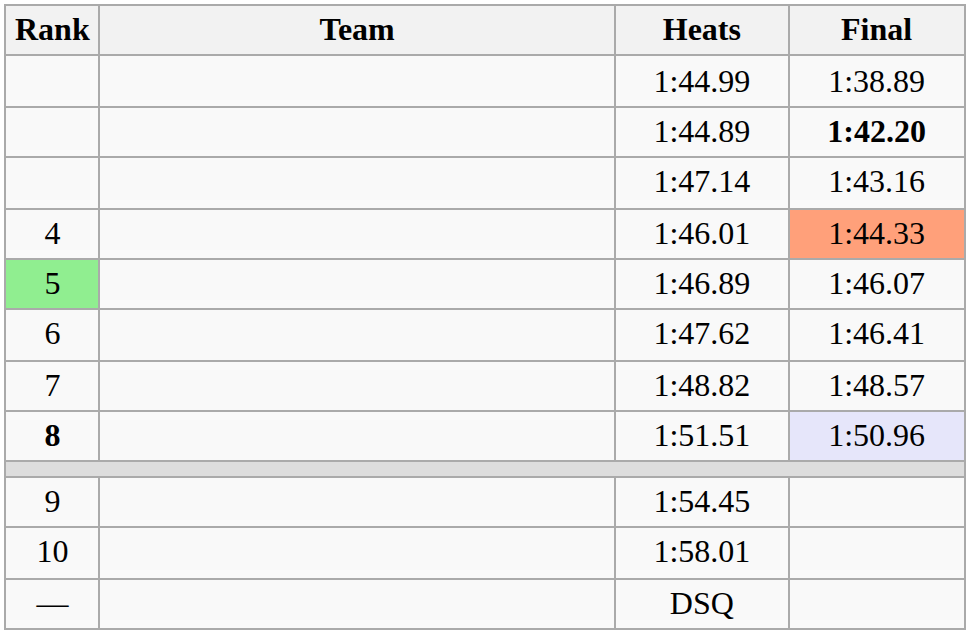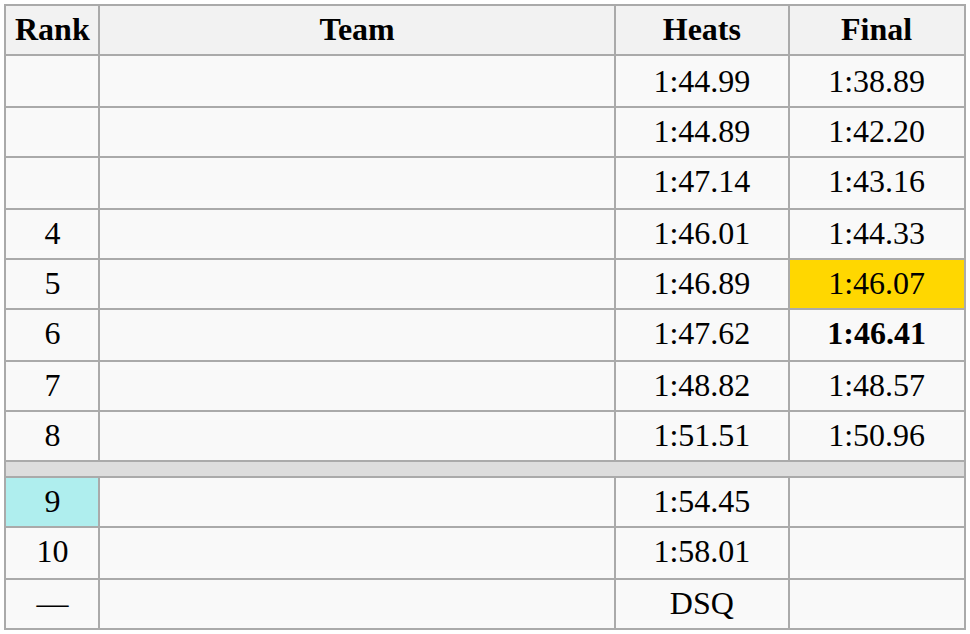 <table class=wikitable style="text-align:center">
 <tr>
 <th width=40>Rank</th>
 <th width=250>Team</th>
 <th width=80>Heats</th>
 <th width=80>Final</th>
 </tr>
 <tr>
 <td></td>
 <td align=left></td>
 <td>1:44.99</td>
 <td>1:38.89</td>
 </tr>
 <tr>
 <td></td>
 <td align=left></td>
 <td>1:44.89</td>
-<td><strong>1:42.20</strong></td>
+<td>1:42.20</td>
 </tr>
 <tr>
 <td></td>
 <td align=left></td>
 <td>1:47.14</td>
 <td>1:43.16</td>
 </tr>
 <tr>
 <td>4</td>
 <td align=left></td>
 <td>1:46.01</td>
-<td style="background: lightsalmon;">1:44.33</td>
+<td>1:44.33</td>
 </tr>
 <tr>
-<td style="background: lightgreen;">5</td>
+<td>5</td>
 <td align=left></td>
 <td>1:46.89</td>
-<td>1:46.07</td>
+<td style="background: gold;">1:46.07</td>
 </tr>
 <tr>
 <td>6</td>
 <td align=left></td>
 <td>1:47.62</td>
-<td>1:46.41</td>
+<td><strong>1:46.41</strong></td>
 </tr>
 <tr>
 <td>7</td>
 <td align=left></td>
 <td>1:48.82</td>
 <td>1:48.57</td>
 </tr>
 <tr>
-<td><strong>8</strong></td>
+<td>8</td>
 <td align=left></td>
 <td>1:51.51</td>
-<td style="background: lavender;">1:50.96</td>
+<td>1:50.96</td>
 </tr>
 <tr bgcolor=#DDDDDD>
 <td colspan=4></td>
 </tr>
 <tr>
-<td>9</td>
+<td style="background: paleturquoise;">9</td>
 <td align=left></td>
 <td>1:54.45</td>
 <td></td>
 </tr>
 <tr>
 <td>10</td>
 <td align=left></td>
 <td>1:58.01</td>
 <td></td>
 </tr>
 <tr>
 <td>—</td>
 <td align=left></td>
 <td>DSQ</td>
 <td></td>
 </tr>
 </table>
